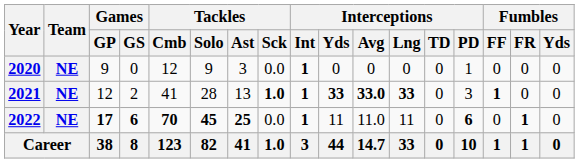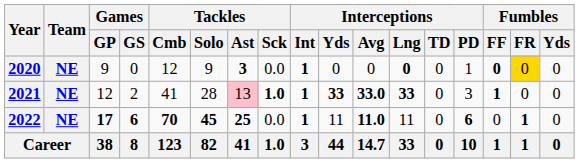 <table class="wikitable" style="text-align:center;">
 <tr>
 <th rowspan="2">Year</th>
 <th rowspan="2">Team</th>
 <th colspan="2">Games</th>
 <th colspan="4">Tackles</th>
 <th colspan="6">Interceptions</th>
 <th colspan="3">Fumbles</th>
 </tr>
 <tr>
 <th>GP</th>
 <th>GS</th>
 <th>Cmb</th>
 <th>Solo</th>
 <th>Ast</th>
 <th>Sck</th>
 <th>Int</th>
 <th>Yds</th>
 <th>Avg</th>
 <th>Lng</th>
 <th>TD</th>
 <th>PD</th>
 <th>FF</th>
 <th>FR</th>
 <th>Yds</th>
 </tr>
 <tr>
 <th><a href='#'>2020</a></th>
 <th><a href='#'>NE</a></th>
 <td>9</td>
 <td>0</td>
 <td>12</td>
 <td>9</td>
-<td>3</td>
+<td><strong>3</strong></td>
 <td>0.0</td>
 <td><strong>1</strong></td>
 <td>0</td>
 <td>0</td>
-<td>0</td>
+<td><strong>0</strong></td>
 <td>0</td>
 <td>1</td>
-<td>0</td>
-<td>0</td>
+<td><strong>0</strong></td>
+<td style="background: gold;">0</td>
 <td>0</td>
 </tr>
 <tr>
 <th><a href='#'>2021</a></th>
 <th><a href='#'>NE</a></th>
 <td>12</td>
 <td>2</td>
 <td>41</td>
 <td>28</td>
-<td>13</td>
+<td style="background: pink;">13</td>
 <td><strong>1.0</strong></td>
 <td><strong>1</strong></td>
 <td><strong>33</strong></td>
 <td><strong>33.0</strong></td>
 <td><strong>33</strong></td>
 <td>0</td>
 <td>3</td>
 <td><strong>1</strong></td>
 <td>0</td>
 <td>0</td>
 </tr>
 <tr>
 <th><a href='#'>2022</a></th>
 <th><a href='#'>NE</a></th>
 <td><strong>17</strong></td>
 <td><strong>6</strong></td>
 <td><strong>70</strong></td>
 <td><strong>45</strong></td>
 <td><strong>25</strong></td>
 <td>0.0</td>
 <td><strong>1</strong></td>
 <td>11</td>
-<td>11.0</td>
+<td><strong>11.0</strong></td>
 <td>11</td>
 <td>0</td>
 <td><strong>6</strong></td>
 <td>0</td>
 <td><strong>1</strong></td>
 <td>0</td>
 </tr>
 <tr>
 <th colspan="2">Career</th>
 <th>38</th>
 <th>8</th>
 <th>123</th>
 <th>82</th>
 <th>41</th>
 <th>1.0</th>
 <th>3</th>
 <th>44</th>
 <th>14.7</th>
 <th>33</th>
 <th>0</th>
 <th>10</th>
 <th>1</th>
 <th>1</th>
 <th>0</th>
 </tr>
 </table>
